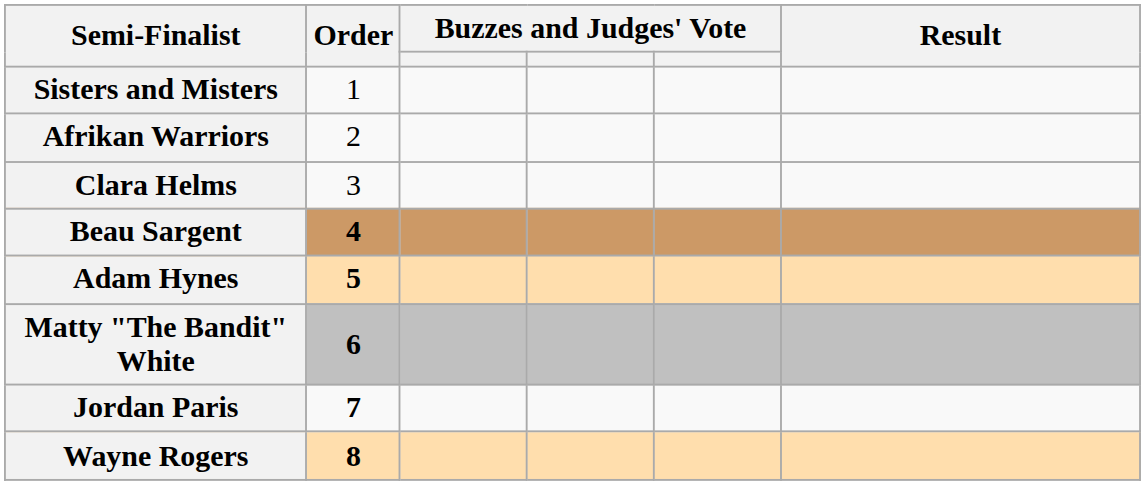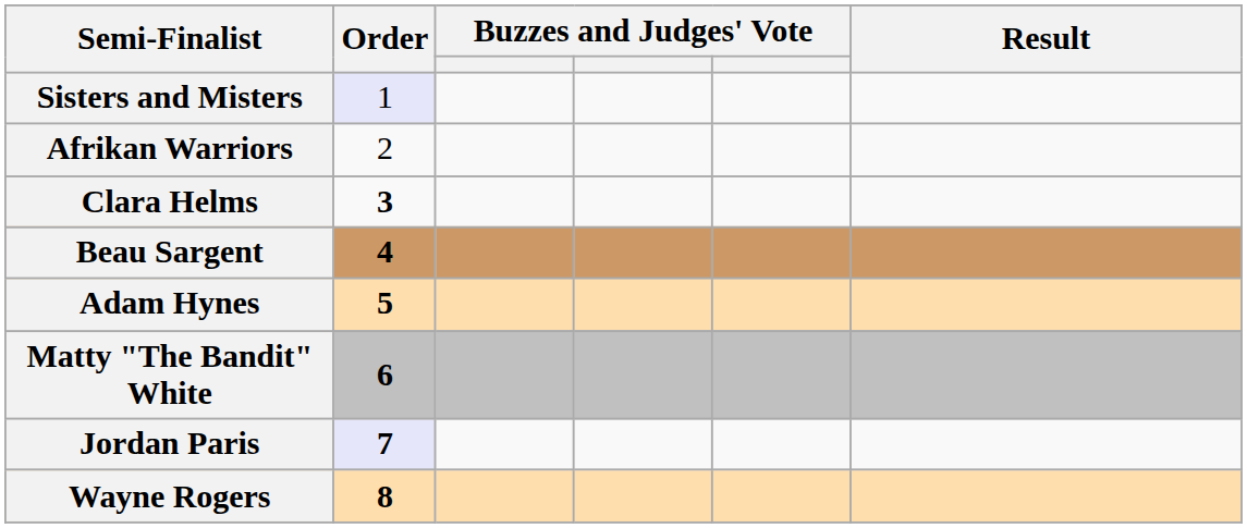 <table class="wikitable plainrowheaders sortable" style="text-align:center;">
 <tr>
 <th scope="col" rowspan=2 class="unsortable" style="width:17em;">Semi-Finalist</th>
 <th scope="col" rowspan=2 style="width:1em;">Order</th>
 <th scope="col" colspan=3 class="unsortable" style="width:24em;">Buzzes and Judges' Vote</th>
 <th scope="col" rowspan=2 style="width:23em;">Result</th>
 </tr>
 <tr>
 <th scope="col" class="unsortable" style="width:6em;"></th>
 <th scope="col" class="unsortable" style="width:6em;"></th>
 <th scope="col" class="unsortable" style="width:6em;"></th>
 </tr>
 <tr>
 <th scope="row">Sisters and Misters</th>
-<td>1</td>
+<td style="background: lavender;">1</td>
 <td style="text-align:center;"></td>
 <td style="text-align:center;"></td>
 <td style="text-align:center;"></td>
 <td></td>
 </tr>
 <tr>
 <th scope="row">Afrikan Warriors</th>
 <td>2</td>
 <td style="text-align:center;"></td>
 <td style="text-align:center;"></td>
 <td style="text-align:center;"></td>
 <td></td>
 </tr>
 <tr>
 <th scope="row">Clara Helms</th>
-<td>3</td>
+<td><strong>3</strong></td>
 <td style="text-align:center;"></td>
 <td style="text-align:center;"></td>
 <td style="text-align:center;"></td>
 <td></td>
 </tr>
 <tr bgcolor=#c96>
 <th scope="row"><strong>Beau Sargent</strong></th>
 <td><strong>4</strong></td>
 <td style="text-align:center;"></td>
 <td style="text-align:center;"></td>
 <td style="text-align:center;"></td>
 <td><strong></strong></td>
 </tr>
 <tr bgcolor=navajowhite>
 <th scope="row"><strong>Adam Hynes</strong></th>
 <td><strong>5</strong></td>
 <td style="text-align:center;"></td>
 <td style="text-align:center;"></td>
 <td style="text-align:center;"></td>
 <td><strong></strong></td>
 </tr>
 <tr bgcolor=silver>
 <th scope="row"><strong>Matty "The Bandit" White</strong></th>
 <td><strong>6</strong></td>
 <td style="text-align:center;"></td>
 <td style="text-align:center;"></td>
 <td style="text-align:center;"></td>
 <td><strong></strong></td>
 </tr>
 <tr>
 <th scope="row">Jordan Paris</th>
-<td><strong>7</strong></td>
+<td style="background: lavender;"><strong>7</strong></td>
 <td style="text-align:center;"></td>
 <td style="text-align:center;"></td>
 <td style="text-align:center;"></td>
 <td></td>
 </tr>
 <tr bgcolor=navajowhite>
 <th scope="row"><strong>Wayne Rogers</strong></th>
 <td><strong>8</strong></td>
 <td style="text-align:center;"></td>
 <td style="text-align:center;"></td>
 <td style="text-align:center;"></td>
 <td><strong></strong></td>
 </tr>
 </table>
